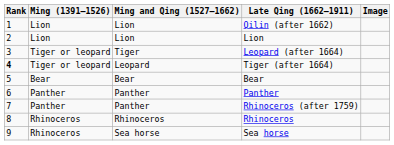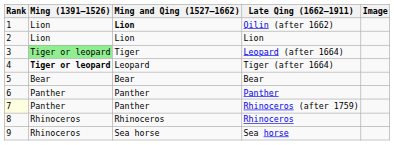 <table class="wikitable">
 <tr>
 <th>Rank</th>
 <th>Ming (1391–1526)</th>
 <th>Ming and Qing (1527–1662)</th>
 <th>Late Qing (1662–1911)</th>
 <th>Image</th>
 </tr>
 <tr>
 <td>1</td>
 <td>Lion</td>
-<td>Lion</td>
+<td><strong>Lion</strong></td>
 <td><a href='#'>Qilin</a> (after 1662)</td>
 <td></td>
 </tr>
 <tr>
 <td>2</td>
 <td>Lion</td>
 <td>Lion</td>
 <td>Lion</td>
 </tr>
 <tr>
 <td>3</td>
-<td>Tiger or leopard</td>
+<td style="background: lightgreen;">Tiger or leopard</td>
 <td>Tiger</td>
 <td><a href='#'>Leopard</a> (after 1664)</td>
 <td></td>
 </tr>
 <tr>
-<td><strong>4</strong></td>
-<td>Tiger or leopard</td>
+<td>4</td>
+<td><strong>Tiger or leopard</strong></td>
 <td>Leopard</td>
 <td>Tiger (after 1664)</td>
 <td></td>
 </tr>
 <tr>
 <td>5</td>
 <td>Bear</td>
 <td>Bear</td>
 <td>Bear</td>
 <td></td>
 </tr>
 <tr>
 <td>6</td>
 <td>Panther</td>
 <td>Panther</td>
 <td><a href='#'>Panther</a></td>
 <td></td>
 </tr>
 <tr>
-<td>7</td>
+<td style="background: lightyellow;">7</td>
 <td>Panther</td>
 <td>Panther</td>
 <td><a href='#'>Rhinoceros</a> (after 1759)</td>
 <td></td>
 </tr>
 <tr>
 <td>8</td>
 <td>Rhinoceros</td>
 <td>Rhinoceros</td>
 <td><a href='#'>Rhinoceros</a></td>
 <td></td>
 </tr>
 <tr>
 <td>9</td>
 <td>Rhinoceros</td>
 <td>Sea horse</td>
 <td>Sea <a href='#'>horse</a></td>
 <td></td>
 </tr>
 </table>
